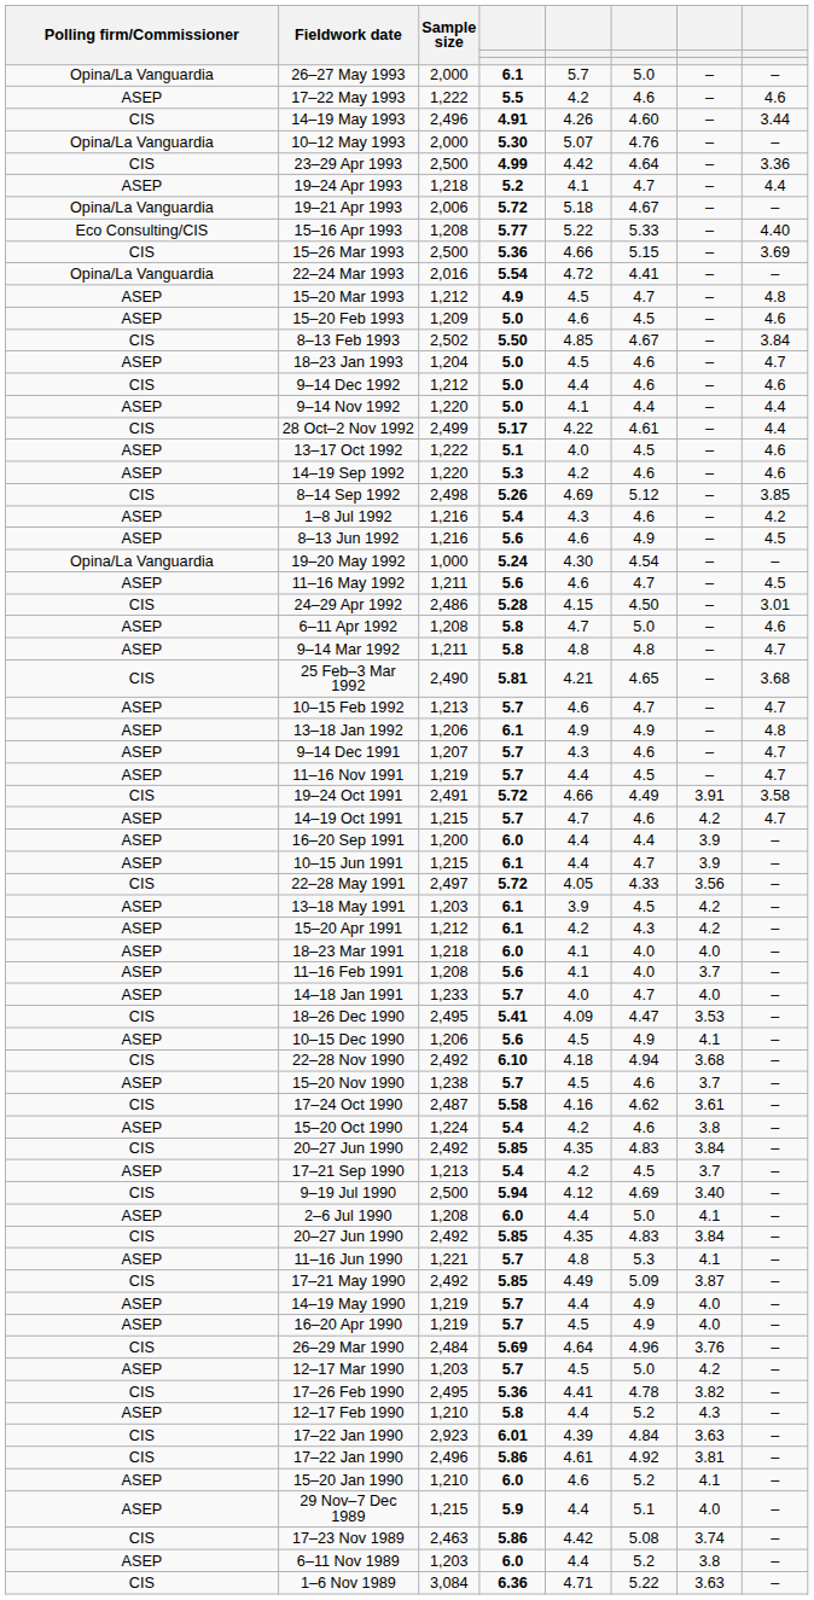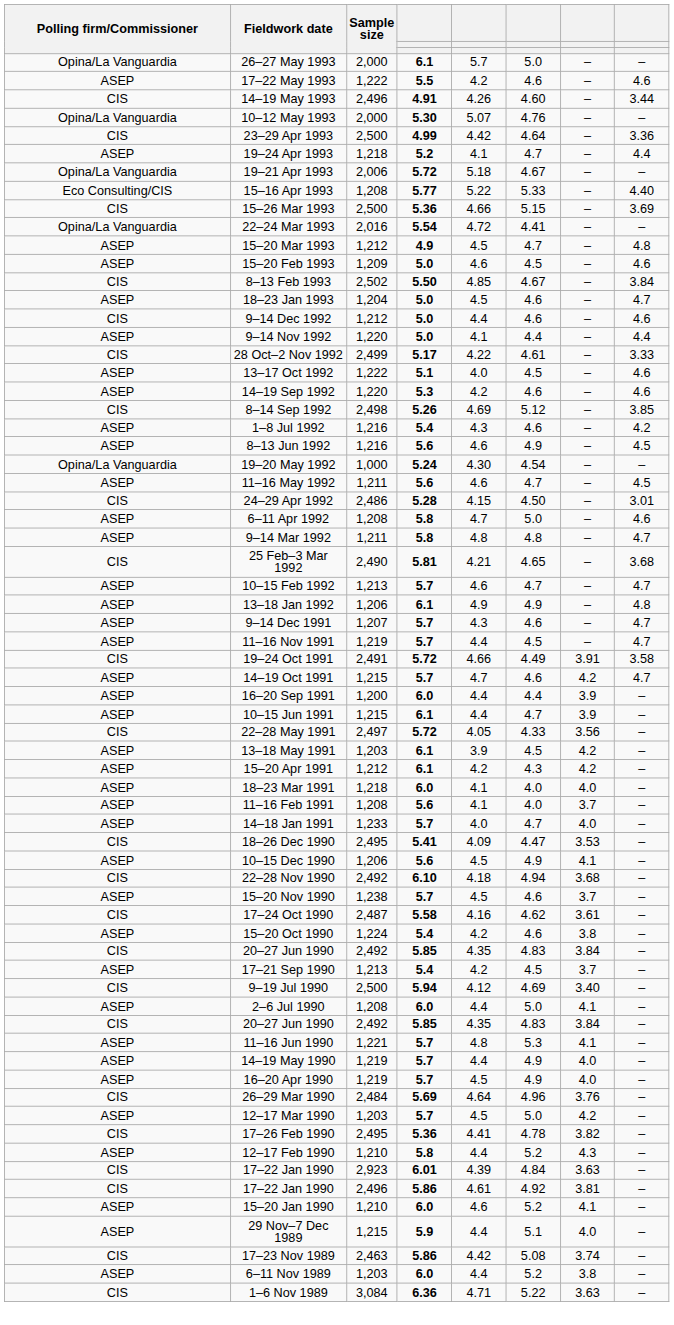 <table class="wikitable collapsible collapsed" style="text-align:center; font-size:90%; line-height:14px;">
 <tr style="height:42px;">
 <th style="width:250px;" rowspan="3">Polling firm/Commissioner</th>
 <th style="width:125px;" rowspan="3">Fieldwork date</th>
 <th style="width:50px;" rowspan="3">Sample size</th>
 <th style="width:55px;"></th>
 <th style="width:55px;"></th>
 <th style="width:55px;"></th>
 <th style="width:55px;"></th>
 <th style="width:55px;"></th>
 </tr>
 <tr>
 <th style="color:inherit;background:"></th>
 <th style="color:inherit;background:"></th>
 <th style="color:inherit;background:"></th>
 <th style="color:inherit;background:"></th>
 <th style="color:inherit;background:"></th>
 </tr>
 <tr>
 <th></th>
 <th></th>
 <th></th>
 <th></th>
 <th></th>
 </tr>
 <tr>
 <td>Opina/La Vanguardia</td>
 <td>26–27 May 1993</td>
 <td>2,000</td>
 <td><strong>6.1</strong></td>
 <td>5.7</td>
 <td>5.0</td>
 <td>–</td>
 <td>–</td>
 </tr>
 <tr>
 <td>ASEP</td>
 <td>17–22 May 1993</td>
 <td>1,222</td>
 <td><strong>5.5</strong></td>
 <td>4.2</td>
 <td>4.6</td>
 <td>–</td>
 <td>4.6</td>
 </tr>
 <tr>
 <td>CIS</td>
 <td>14–19 May 1993</td>
 <td>2,496</td>
 <td><strong>4.91</strong></td>
 <td>4.26</td>
 <td>4.60</td>
 <td>–</td>
 <td>3.44</td>
 </tr>
 <tr>
 <td>Opina/La Vanguardia</td>
 <td>10–12 May 1993</td>
 <td>2,000</td>
 <td><strong>5.30</strong></td>
 <td>5.07</td>
 <td>4.76</td>
 <td>–</td>
 <td>–</td>
 </tr>
 <tr>
 <td>CIS</td>
 <td>23–29 Apr 1993</td>
 <td>2,500</td>
 <td><strong>4.99</strong></td>
 <td>4.42</td>
 <td>4.64</td>
 <td>–</td>
 <td>3.36</td>
 </tr>
 <tr>
 <td>ASEP</td>
 <td>19–24 Apr 1993</td>
 <td>1,218</td>
 <td><strong>5.2</strong></td>
 <td>4.1</td>
 <td>4.7</td>
 <td>–</td>
 <td>4.4</td>
 </tr>
 <tr>
 <td>Opina/La Vanguardia</td>
 <td>19–21 Apr 1993</td>
 <td>2,006</td>
 <td><strong>5.72</strong></td>
 <td>5.18</td>
 <td>4.67</td>
 <td>–</td>
 <td>–</td>
 </tr>
 <tr>
 <td>Eco Consulting/CIS</td>
 <td>15–16 Apr 1993</td>
 <td>1,208</td>
 <td><strong>5.77</strong></td>
 <td>5.22</td>
 <td>5.33</td>
 <td>–</td>
 <td>4.40</td>
 </tr>
 <tr>
 <td>CIS</td>
 <td>15–26 Mar 1993</td>
 <td>2,500</td>
 <td><strong>5.36</strong></td>
 <td>4.66</td>
 <td>5.15</td>
 <td>–</td>
 <td>3.69</td>
 </tr>
 <tr>
 <td>Opina/La Vanguardia</td>
 <td>22–24 Mar 1993</td>
 <td>2,016</td>
 <td><strong>5.54</strong></td>
 <td>4.72</td>
 <td>4.41</td>
 <td>–</td>
 <td>–</td>
 </tr>
 <tr>
 <td>ASEP</td>
 <td>15–20 Mar 1993</td>
 <td>1,212</td>
 <td><strong>4.9</strong></td>
 <td>4.5</td>
 <td>4.7</td>
 <td>–</td>
 <td>4.8</td>
 </tr>
 <tr>
 <td>ASEP</td>
 <td>15–20 Feb 1993</td>
 <td>1,209</td>
 <td><strong>5.0</strong></td>
 <td>4.6</td>
 <td>4.5</td>
 <td>–</td>
 <td>4.6</td>
 </tr>
 <tr>
 <td>CIS</td>
 <td>8–13 Feb 1993</td>
 <td>2,502</td>
 <td><strong>5.50</strong></td>
 <td>4.85</td>
 <td>4.67</td>
 <td>–</td>
 <td>3.84</td>
 </tr>
 <tr>
 <td>ASEP</td>
 <td>18–23 Jan 1993</td>
 <td>1,204</td>
 <td><strong>5.0</strong></td>
 <td>4.5</td>
 <td>4.6</td>
 <td>–</td>
 <td>4.7</td>
 </tr>
 <tr>
 <td>CIS</td>
 <td>9–14 Dec 1992</td>
 <td>1,212</td>
 <td><strong>5.0</strong></td>
 <td>4.4</td>
 <td>4.6</td>
 <td>–</td>
 <td>4.6</td>
 </tr>
 <tr>
 <td>ASEP</td>
 <td>9–14 Nov 1992</td>
 <td>1,220</td>
 <td><strong>5.0</strong></td>
 <td>4.1</td>
 <td>4.4</td>
 <td>–</td>
 <td>4.4</td>
 </tr>
 <tr>
 <td>CIS</td>
 <td>28 Oct–2 Nov 1992</td>
 <td>2,499</td>
 <td><strong>5.17</strong></td>
 <td>4.22</td>
 <td>4.61</td>
 <td>–</td>
-<td>4.4</td>
+<td>3.33</td>
 </tr>
 <tr>
 <td>ASEP</td>
 <td>13–17 Oct 1992</td>
 <td>1,222</td>
 <td><strong>5.1</strong></td>
 <td>4.0</td>
 <td>4.5</td>
 <td>–</td>
 <td>4.6</td>
 </tr>
 <tr>
 <td>ASEP</td>
 <td>14–19 Sep 1992</td>
 <td>1,220</td>
 <td><strong>5.3</strong></td>
 <td>4.2</td>
 <td>4.6</td>
 <td>–</td>
 <td>4.6</td>
 </tr>
 <tr>
 <td>CIS</td>
 <td>8–14 Sep 1992</td>
 <td>2,498</td>
 <td><strong>5.26</strong></td>
 <td>4.69</td>
 <td>5.12</td>
 <td>–</td>
 <td>3.85</td>
 </tr>
 <tr>
 <td>ASEP</td>
 <td>1–8 Jul 1992</td>
 <td>1,216</td>
 <td><strong>5.4</strong></td>
 <td>4.3</td>
 <td>4.6</td>
 <td>–</td>
 <td>4.2</td>
 </tr>
 <tr>
 <td>ASEP</td>
 <td>8–13 Jun 1992</td>
 <td>1,216</td>
 <td><strong>5.6</strong></td>
 <td>4.6</td>
 <td>4.9</td>
 <td>–</td>
 <td>4.5</td>
 </tr>
 <tr>
 <td>Opina/La Vanguardia</td>
 <td>19–20 May 1992</td>
 <td>1,000</td>
 <td><strong>5.24</strong></td>
 <td>4.30</td>
 <td>4.54</td>
 <td>–</td>
 <td>–</td>
 </tr>
 <tr>
 <td>ASEP</td>
 <td>11–16 May 1992</td>
 <td>1,211</td>
 <td><strong>5.6</strong></td>
 <td>4.6</td>
 <td>4.7</td>
 <td>–</td>
 <td>4.5</td>
 </tr>
 <tr>
 <td>CIS</td>
 <td>24–29 Apr 1992</td>
 <td>2,486</td>
 <td><strong>5.28</strong></td>
 <td>4.15</td>
 <td>4.50</td>
 <td>–</td>
 <td>3.01</td>
 </tr>
 <tr>
 <td>ASEP</td>
 <td>6–11 Apr 1992</td>
 <td>1,208</td>
 <td><strong>5.8</strong></td>
 <td>4.7</td>
 <td>5.0</td>
 <td>–</td>
 <td>4.6</td>
 </tr>
 <tr>
 <td>ASEP</td>
 <td>9–14 Mar 1992</td>
 <td>1,211</td>
 <td><strong>5.8</strong></td>
 <td>4.8</td>
 <td>4.8</td>
 <td>–</td>
 <td>4.7</td>
 </tr>
 <tr>
 <td>CIS</td>
 <td>25 Feb–3 Mar 1992</td>
 <td>2,490</td>
 <td><strong>5.81</strong></td>
 <td>4.21</td>
 <td>4.65</td>
 <td>–</td>
 <td>3.68</td>
 </tr>
 <tr>
 <td>ASEP</td>
 <td>10–15 Feb 1992</td>
 <td>1,213</td>
 <td><strong>5.7</strong></td>
 <td>4.6</td>
 <td>4.7</td>
 <td>–</td>
 <td>4.7</td>
 </tr>
 <tr>
 <td>ASEP</td>
 <td>13–18 Jan 1992</td>
 <td>1,206</td>
 <td><strong>6.1</strong></td>
 <td>4.9</td>
 <td>4.9</td>
 <td>–</td>
 <td>4.8</td>
 </tr>
 <tr>
 <td>ASEP</td>
 <td>9–14 Dec 1991</td>
 <td>1,207</td>
 <td><strong>5.7</strong></td>
 <td>4.3</td>
 <td>4.6</td>
 <td>–</td>
 <td>4.7</td>
 </tr>
 <tr>
 <td>ASEP</td>
 <td>11–16 Nov 1991</td>
 <td>1,219</td>
 <td><strong>5.7</strong></td>
 <td>4.4</td>
 <td>4.5</td>
 <td>–</td>
 <td>4.7</td>
 </tr>
 <tr>
 <td>CIS</td>
 <td>19–24 Oct 1991</td>
 <td>2,491</td>
 <td><strong>5.72</strong></td>
 <td>4.66</td>
 <td>4.49</td>
 <td>3.91</td>
 <td>3.58</td>
 </tr>
 <tr>
 <td>ASEP</td>
 <td>14–19 Oct 1991</td>
 <td>1,215</td>
 <td><strong>5.7</strong></td>
 <td>4.7</td>
 <td>4.6</td>
 <td>4.2</td>
 <td>4.7</td>
 </tr>
 <tr>
 <td>ASEP</td>
 <td>16–20 Sep 1991</td>
 <td>1,200</td>
 <td><strong>6.0</strong></td>
 <td>4.4</td>
 <td>4.4</td>
 <td>3.9</td>
 <td>–</td>
 </tr>
 <tr>
 <td>ASEP</td>
 <td>10–15 Jun 1991</td>
 <td>1,215</td>
 <td><strong>6.1</strong></td>
 <td>4.4</td>
 <td>4.7</td>
 <td>3.9</td>
 <td>–</td>
 </tr>
 <tr>
 <td>CIS</td>
 <td>22–28 May 1991</td>
 <td>2,497</td>
 <td><strong>5.72</strong></td>
 <td>4.05</td>
 <td>4.33</td>
 <td>3.56</td>
 <td>–</td>
 </tr>
 <tr>
 <td>ASEP</td>
 <td>13–18 May 1991</td>
 <td>1,203</td>
 <td><strong>6.1</strong></td>
 <td>3.9</td>
 <td>4.5</td>
 <td>4.2</td>
 <td>–</td>
 </tr>
 <tr>
 <td>ASEP</td>
 <td>15–20 Apr 1991</td>
 <td>1,212</td>
 <td><strong>6.1</strong></td>
 <td>4.2</td>
 <td>4.3</td>
 <td>4.2</td>
 <td>–</td>
 </tr>
 <tr>
 <td>ASEP</td>
 <td>18–23 Mar 1991</td>
 <td>1,218</td>
 <td><strong>6.0</strong></td>
 <td>4.1</td>
 <td>4.0</td>
 <td>4.0</td>
 <td>–</td>
 </tr>
 <tr>
 <td>ASEP</td>
 <td>11–16 Feb 1991</td>
 <td>1,208</td>
 <td><strong>5.6</strong></td>
 <td>4.1</td>
 <td>4.0</td>
 <td>3.7</td>
 <td>–</td>
 </tr>
 <tr>
 <td>ASEP</td>
 <td>14–18 Jan 1991</td>
 <td>1,233</td>
 <td><strong>5.7</strong></td>
 <td>4.0</td>
 <td>4.7</td>
 <td>4.0</td>
 <td>–</td>
 </tr>
 <tr>
 <td>CIS</td>
 <td>18–26 Dec 1990</td>
 <td>2,495</td>
 <td><strong>5.41</strong></td>
 <td>4.09</td>
 <td>4.47</td>
 <td>3.53</td>
 <td>–</td>
 </tr>
 <tr>
 <td>ASEP</td>
 <td>10–15 Dec 1990</td>
 <td>1,206</td>
 <td><strong>5.6</strong></td>
 <td>4.5</td>
 <td>4.9</td>
 <td>4.1</td>
 <td>–</td>
 </tr>
 <tr>
 <td>CIS</td>
 <td>22–28 Nov 1990</td>
 <td>2,492</td>
 <td><strong>6.10</strong></td>
 <td>4.18</td>
 <td>4.94</td>
 <td>3.68</td>
 <td>–</td>
 </tr>
 <tr>
 <td>ASEP</td>
 <td>15–20 Nov 1990</td>
 <td>1,238</td>
 <td><strong>5.7</strong></td>
 <td>4.5</td>
 <td>4.6</td>
 <td>3.7</td>
 <td>–</td>
 </tr>
 <tr>
 <td>CIS</td>
 <td>17–24 Oct 1990</td>
 <td>2,487</td>
 <td><strong>5.58</strong></td>
 <td>4.16</td>
 <td>4.62</td>
 <td>3.61</td>
 <td>–</td>
 </tr>
 <tr>
 <td>ASEP</td>
 <td>15–20 Oct 1990</td>
 <td>1,224</td>
 <td><strong>5.4</strong></td>
 <td>4.2</td>
 <td>4.6</td>
 <td>3.8</td>
 <td>–</td>
 </tr>
 <tr>
 <td>CIS</td>
 <td>20–27 Jun 1990</td>
 <td>2,492</td>
 <td><strong>5.85</strong></td>
 <td>4.35</td>
 <td>4.83</td>
 <td>3.84</td>
 <td>–</td>
 </tr>
 <tr>
 <td>ASEP</td>
 <td>17–21 Sep 1990</td>
 <td>1,213</td>
 <td><strong>5.4</strong></td>
 <td>4.2</td>
 <td>4.5</td>
 <td>3.7</td>
 <td>–</td>
 </tr>
 <tr>
 <td>CIS</td>
 <td>9–19 Jul 1990</td>
 <td>2,500</td>
 <td><strong>5.94</strong></td>
 <td>4.12</td>
 <td>4.69</td>
 <td>3.40</td>
 <td>–</td>
 </tr>
 <tr>
 <td>ASEP</td>
 <td>2–6 Jul 1990</td>
 <td>1,208</td>
 <td><strong>6.0</strong></td>
 <td>4.4</td>
 <td>5.0</td>
 <td>4.1</td>
 <td>–</td>
 </tr>
 <tr>
 <td>CIS</td>
 <td>20–27 Jun 1990</td>
 <td>2,492</td>
 <td><strong>5.85</strong></td>
 <td>4.35</td>
 <td>4.83</td>
 <td>3.84</td>
 <td>–</td>
 </tr>
 <tr>
 <td>ASEP</td>
 <td>11–16 Jun 1990</td>
 <td>1,221</td>
 <td><strong>5.7</strong></td>
 <td>4.8</td>
 <td>5.3</td>
 <td>4.1</td>
 <td>–</td>
 </tr>
 <tr>
-<td>CIS</td>
-<td>17–21 May 1990</td>
-<td>2,492</td>
-<td><strong>5.85</strong></td>
-<td>4.49</td>
-<td>5.09</td>
-<td>3.87</td>
-<td>–</td>
-</tr>
-<tr>
 <td>ASEP</td>
 <td>14–19 May 1990</td>
 <td>1,219</td>
 <td><strong>5.7</strong></td>
 <td>4.4</td>
 <td>4.9</td>
 <td>4.0</td>
 <td>–</td>
 </tr>
 <tr>
 <td>ASEP</td>
 <td>16–20 Apr 1990</td>
 <td>1,219</td>
 <td><strong>5.7</strong></td>
 <td>4.5</td>
 <td>4.9</td>
 <td>4.0</td>
 <td>–</td>
 </tr>
 <tr>
 <td>CIS</td>
 <td>26–29 Mar 1990</td>
 <td>2,484</td>
 <td><strong>5.69</strong></td>
 <td>4.64</td>
 <td>4.96</td>
 <td>3.76</td>
 <td>–</td>
 </tr>
 <tr>
 <td>ASEP</td>
 <td>12–17 Mar 1990</td>
 <td>1,203</td>
 <td><strong>5.7</strong></td>
 <td>4.5</td>
 <td>5.0</td>
 <td>4.2</td>
 <td>–</td>
 </tr>
 <tr>
 <td>CIS</td>
 <td>17–26 Feb 1990</td>
 <td>2,495</td>
 <td><strong>5.36</strong></td>
 <td>4.41</td>
 <td>4.78</td>
 <td>3.82</td>
 <td>–</td>
 </tr>
 <tr>
 <td>ASEP</td>
 <td>12–17 Feb 1990</td>
 <td>1,210</td>
 <td><strong>5.8</strong></td>
 <td>4.4</td>
 <td>5.2</td>
 <td>4.3</td>
 <td>–</td>
 </tr>
 <tr>
 <td>CIS</td>
 <td>17–22 Jan 1990</td>
 <td>2,923</td>
 <td><strong>6.01</strong></td>
 <td>4.39</td>
 <td>4.84</td>
 <td>3.63</td>
 <td>–</td>
 </tr>
 <tr>
 <td>CIS</td>
 <td>17–22 Jan 1990</td>
 <td>2,496</td>
 <td><strong>5.86</strong></td>
 <td>4.61</td>
 <td>4.92</td>
 <td>3.81</td>
 <td>–</td>
 </tr>
 <tr>
 <td>ASEP</td>
 <td>15–20 Jan 1990</td>
 <td>1,210</td>
 <td><strong>6.0</strong></td>
 <td>4.6</td>
 <td>5.2</td>
 <td>4.1</td>
 <td>–</td>
 </tr>
 <tr>
 <td>ASEP</td>
 <td>29 Nov–7 Dec 1989</td>
 <td>1,215</td>
 <td><strong>5.9</strong></td>
 <td>4.4</td>
 <td>5.1</td>
 <td>4.0</td>
 <td>–</td>
 </tr>
 <tr>
 <td>CIS</td>
 <td>17–23 Nov 1989</td>
 <td>2,463</td>
 <td><strong>5.86</strong></td>
 <td>4.42</td>
 <td>5.08</td>
 <td>3.74</td>
 <td>–</td>
 </tr>
 <tr>
 <td>ASEP</td>
 <td>6–11 Nov 1989</td>
 <td>1,203</td>
 <td><strong>6.0</strong></td>
 <td>4.4</td>
 <td>5.2</td>
 <td>3.8</td>
 <td>–</td>
 </tr>
 <tr>
 <td>CIS</td>
 <td>1–6 Nov 1989</td>
 <td>3,084</td>
 <td><strong>6.36</strong></td>
 <td>4.71</td>
 <td>5.22</td>
 <td>3.63</td>
 <td>–</td>
 </tr>
 </table>
